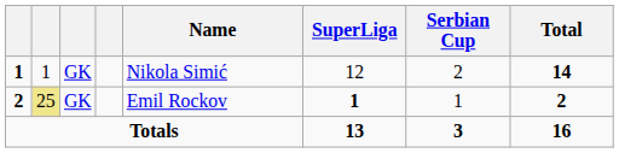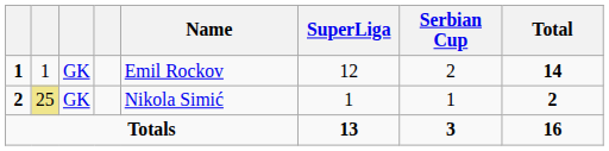 <table class="wikitable" style="text-align:center">
 <tr>
 <th width="15"></th>
 <th width="15"></th>
 <th width="15"></th>
 <th width="15"></th>
 <th width="145">Name</th>
 <th width="80"><strong><a href='#'>SuperLiga</a></strong></th>
 <th width="80"><strong><a href='#'>Serbian Cup</a></strong></th>
 <th width="80">Total</th>
 </tr>
 <tr>
 <td><strong>1</strong></td>
 <td>1</td>
 <td><a href='#'>GK</a></td>
 <td></td>
-<td align="left"><a href='#'>Nikola Simić</a></td>
+<td align="left"><a href='#'>Emil Rockov</a></td>
 <td>12</td>
 <td>2</td>
 <td><strong>14</strong></td>
 </tr>
 <tr>
 <td><strong>2</strong></td>
 <td style="background: khaki;">25</td>
 <td><a href='#'>GK</a></td>
 <td></td>
-<td align="left"><a href='#'>Emil Rockov</a></td>
-<td><strong>1</strong></td>
+<td align="left"><a href='#'>Nikola Simić</a></td>
+<td>1</td>
 <td>1</td>
 <td><strong>2</strong></td>
 </tr>
 <tr>
 <td colspan="5"><strong>Totals</strong></td>
 <td><strong>13</strong></td>
 <td><strong>3</strong></td>
 <td><strong>16</strong></td>
 </tr>
 </table>
